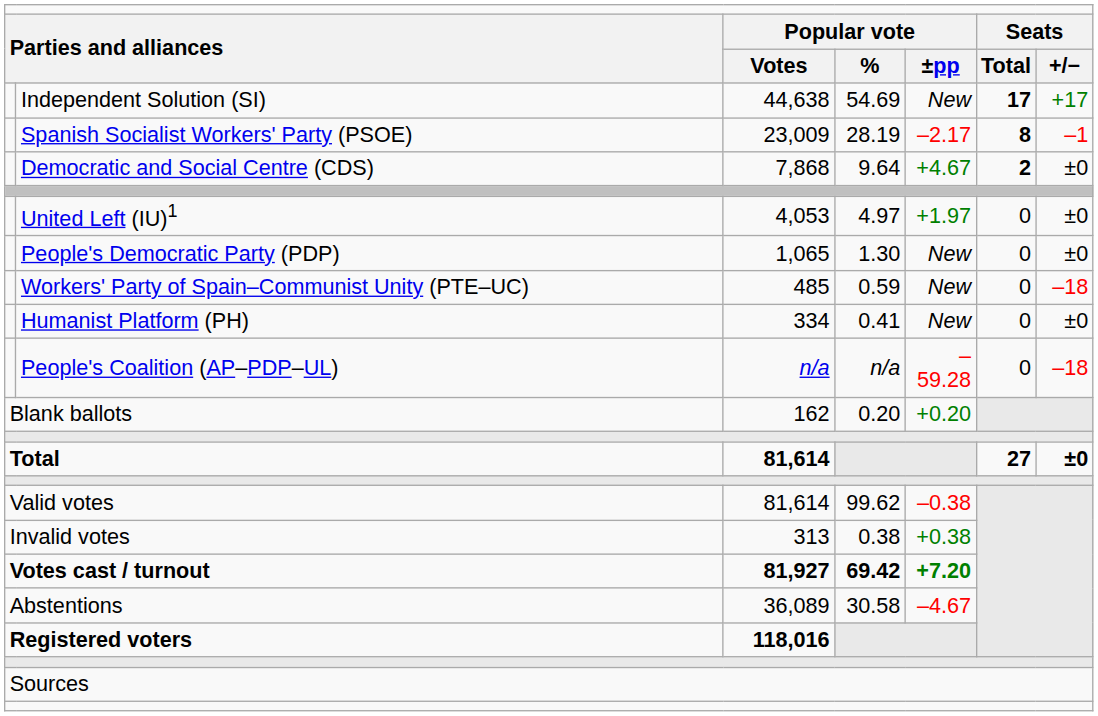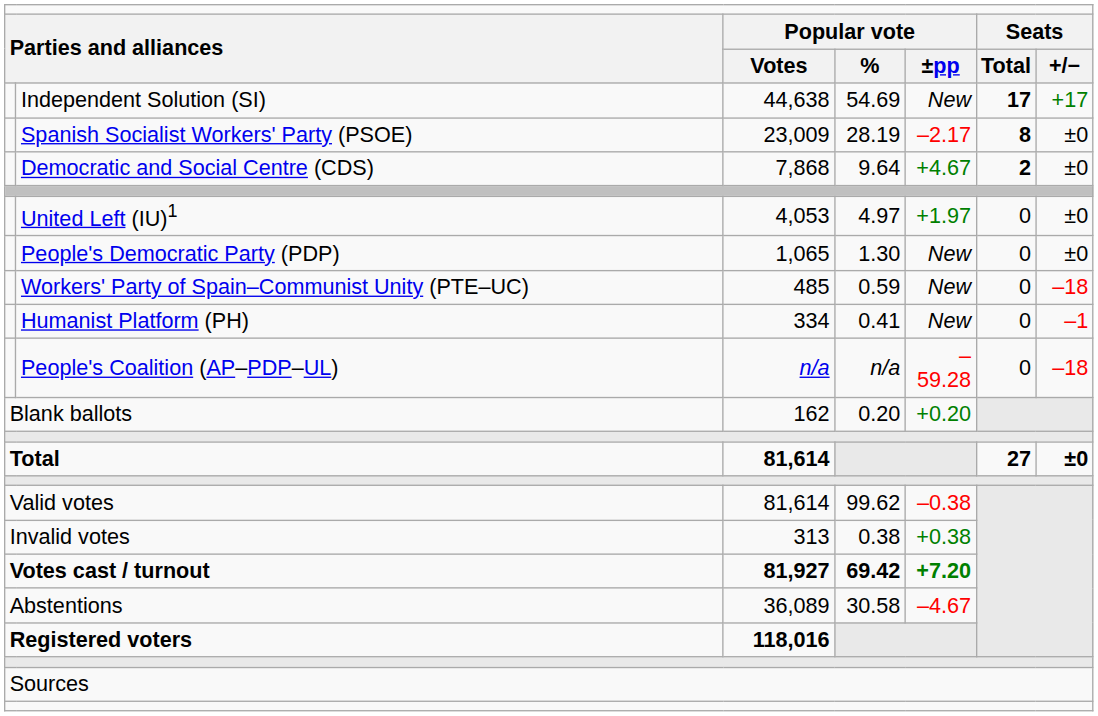 <table class="wikitable" style="text-align:right;">
 <tr>
 <td colspan="7"></td>
 </tr>
 <tr>
 <th style="text-align:left;" rowspan="2" colspan="2" width="525">Parties and alliances</th>
 <th colspan="3">Popular vote</th>
 <th colspan="2">Seats</th>
 </tr>
 <tr>
 <th width="75">Votes</th>
 <th width="45">%</th>
 <th width="45">±<a href='#'>pp</a></th>
 <th width="35">Total</th>
 <th width="35">+/−</th>
 </tr>
 <tr>
 <td width="1" style="color:inherit;background:"></td>
 <td align="left">Independent Solution (SI)</td>
 <td>44,638</td>
 <td>54.69</td>
 <td><em>New</em></td>
 <td><strong>17</strong></td>
 <td style="color:green;">+17</td>
 </tr>
 <tr>
 <td style="color:inherit;background:"></td>
 <td align="left"><a href='#'>Spanish Socialist Workers' Party</a> (PSOE)</td>
 <td>23,009</td>
 <td>28.19</td>
 <td style="color:red;">–2.17</td>
 <td><strong>8</strong></td>
-<td style="color:red;">–1</td>
+<td>±0</td>
 </tr>
 <tr>
 <td style="color:inherit;background:"></td>
 <td align="left"><a href='#'>Democratic and Social Centre</a> (CDS)</td>
 <td>7,868</td>
 <td>9.64</td>
 <td style="color:green;">+4.67</td>
 <td><strong>2</strong></td>
 <td>±0</td>
 </tr>
 <tr>
 <td colspan="7" bgcolor="#C0C0C0"></td>
 </tr>
 <tr>
 <td style="color:inherit;background:"></td>
 <td align="left"><a href='#'>United Left</a> (IU)<sup>1</sup></td>
 <td>4,053</td>
 <td>4.97</td>
 <td style="color:green;">+1.97</td>
 <td>0</td>
 <td>±0</td>
 </tr>
 <tr>
 <td style="color:inherit;background:"></td>
 <td align="left"><a href='#'>People's Democratic Party</a> (PDP)</td>
 <td>1,065</td>
 <td>1.30</td>
 <td><em>New</em></td>
 <td>0</td>
 <td>±0</td>
 </tr>
 <tr>
 <td style="color:inherit;background:"></td>
 <td align="left"><a href='#'>Workers' Party of Spain–Communist Unity</a> (PTE–UC)</td>
 <td>485</td>
 <td>0.59</td>
 <td><em>New</em></td>
 <td>0</td>
 <td style="color:red;">–18</td>
 </tr>
 <tr>
 <td style="color:inherit;background:"></td>
 <td align="left"><a href='#'>Humanist Platform</a> (PH)</td>
 <td>334</td>
 <td>0.41</td>
 <td><em>New</em></td>
 <td>0</td>
-<td>±0</td>
+<td style="color:red;">–1</td>
 </tr>
 <tr>
 <td style="color:inherit;background:"></td>
 <td align="left"><a href='#'>People's Coalition</a> (<a href='#'>AP</a>–<a href='#'>PDP</a>–<a href='#'>UL</a>)</td>
 <td><em><a href='#'>n/a</a></em></td>
 <td><em>n/a</em></td>
 <td style="color:red;">–59.28</td>
 <td>0</td>
 <td style="color:red;">–18</td>
 </tr>
 <tr>
 <td align="left" colspan="2">Blank ballots</td>
 <td>162</td>
 <td>0.20</td>
 <td style="color:green;">+0.20</td>
 <td bgcolor="#E9E9E9" colspan="2"></td>
 </tr>
 <tr>
 <td colspan="7" bgcolor="#E9E9E9"></td>
 </tr>
 <tr style="font-weight:bold;">
 <td align="left" colspan="2">Total</td>
 <td>81,614</td>
 <td bgcolor="#E9E9E9" colspan="2"></td>
 <td>27</td>
 <td>±0</td>
 </tr>
 <tr>
 <td colspan="7" bgcolor="#E9E9E9"></td>
 </tr>
 <tr>
 <td align="left" colspan="2">Valid votes</td>
 <td>81,614</td>
 <td>99.62</td>
 <td style="color:red;">–0.38</td>
 <td bgcolor="#E9E9E9" colspan="2" rowspan="5"></td>
 </tr>
 <tr>
 <td align="left" colspan="2">Invalid votes</td>
 <td>313</td>
 <td>0.38</td>
 <td style="color:green;">+0.38</td>
 </tr>
 <tr style="font-weight:bold;">
 <td align="left" colspan="2">Votes cast / turnout</td>
 <td>81,927</td>
 <td>69.42</td>
 <td style="color:green;">+7.20</td>
 </tr>
 <tr>
 <td align="left" colspan="2">Abstentions</td>
 <td>36,089</td>
 <td>30.58</td>
 <td style="color:red;">–4.67</td>
 </tr>
 <tr style="font-weight:bold;">
 <td align="left" colspan="2">Registered voters</td>
 <td>118,016</td>
 <td bgcolor="#E9E9E9" colspan="2"></td>
 </tr>
 <tr>
 <td colspan="7" bgcolor="#E9E9E9"></td>
 </tr>
 <tr>
 <td align="left" colspan="7">Sources</td>
 </tr>
 <tr>
 <td colspan="7" style="text-align:left; max-width:790px;"></td>
 </tr>
 </table>
